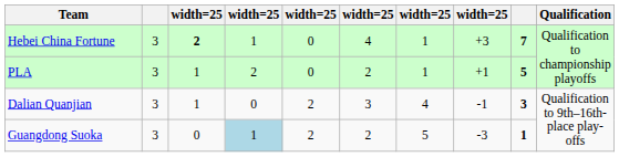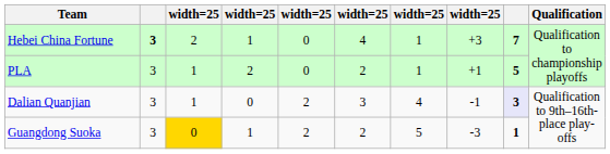 <table class="wikitable" style="text-align: center;">
 <tr>
 <th style="width:165px;">Team</th>
 <th width=25></th>
 <th>width=25</th>
 <th>width=25</th>
 <th>width=25</th>
 <th>width=25</th>
 <th>width=25</th>
 <th>width=25</th>
 <th width=25></th>
 <th width=50>Qualification</th>
 </tr>
 <tr style="background:#cfc;">
 <td align="left"><a href='#'>Hebei China Fortune</a></td>
-<td>3</td>
-<td><strong>2</strong></td>
+<td><strong>3</strong></td>
+<td>2</td>
 <td>1</td>
 <td>0</td>
 <td>4</td>
 <td>1</td>
 <td>+3</td>
 <td><strong>7</strong></td>
 <td rowspan=2 align="center">Qualification to championship playoffs</td>
 </tr>
 <tr style="background:#cfc;">
 <td align="left"><a href='#'>PLA</a></td>
 <td>3</td>
 <td>1</td>
 <td>2</td>
 <td>0</td>
 <td>2</td>
 <td>1</td>
 <td>+1</td>
 <td><strong>5</strong></td>
 </tr>
 <tr>
 <td align="left"><a href='#'>Dalian Quanjian</a></td>
 <td>3</td>
 <td>1</td>
 <td>0</td>
 <td>2</td>
 <td>3</td>
 <td>4</td>
 <td>-1</td>
-<td><strong>3</strong></td>
+<td style="background: lavender;"><strong>3</strong></td>
 <td rowspan=2 align="center">Qualification to 9th–16th-place play-offs</td>
 </tr>
 <tr>
 <td align="left"><a href='#'>Guangdong Suoka</a></td>
 <td>3</td>
-<td>0</td>
-<td style="background: lightblue;">1</td>
+<td style="background: gold;">0</td>
+<td>1</td>
 <td>2</td>
 <td>2</td>
 <td>5</td>
 <td>-3</td>
 <td><strong>1</strong></td>
 </tr>
 </table>
